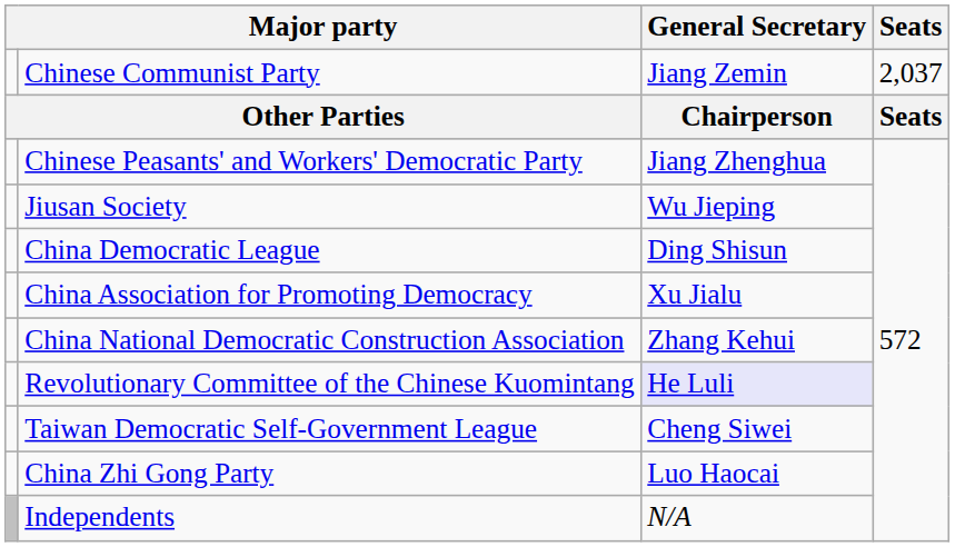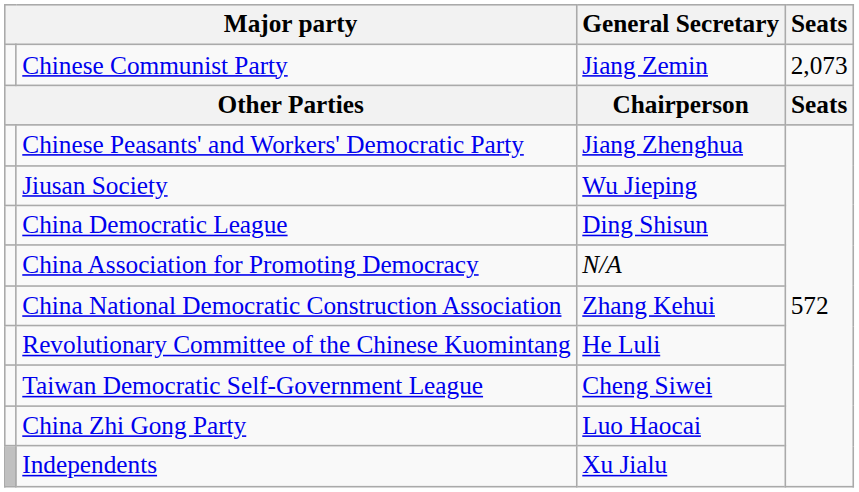 <table class="wikitable">
 <tr>
 <th colspan="2">Major party</th>
 <th>General Secretary</th>
 <th>Seats</th>
 </tr>
 <tr>
 <td style="background: "></td>
 <td><a href='#'>Chinese Communist Party</a></td>
 <td><a href='#'>Jiang Zemin</a></td>
-<td>2,037</td>
+<td>2,073</td>
 </tr>
 <tr>
 <th colspan="2">Other Parties</th>
 <th>Chairperson</th>
 <th>Seats</th>
 </tr>
 <tr>
 <td style="background: "></td>
 <td><a href='#'>Chinese Peasants' and Workers' Democratic Party</a></td>
 <td><a href='#'>Jiang Zhenghua</a></td>
 <td rowspan="9">572</td>
 </tr>
 <tr>
 <td style="background: "></td>
 <td><a href='#'>Jiusan Society</a></td>
 <td><a href='#'>Wu Jieping</a></td>
 </tr>
 <tr>
 <td style="background: "></td>
 <td><a href='#'>China Democratic League</a></td>
 <td><a href='#'>Ding Shisun</a></td>
 </tr>
 <tr>
 <td style="background: "></td>
 <td><a href='#'>China Association for Promoting Democracy</a></td>
-<td><a href='#'>Xu Jialu</a></td>
+<td><em>N/A</em></td>
 </tr>
 <tr>
 <td style="background: "></td>
 <td><a href='#'>China National Democratic Construction Association</a></td>
 <td><a href='#'>Zhang Kehui</a></td>
 </tr>
 <tr>
 <td style="background: "></td>
 <td><a href='#'>Revolutionary Committee of the Chinese Kuomintang</a></td>
-<td style="background: lavender;"><a href='#'>He Luli</a></td>
+<td><a href='#'>He Luli</a></td>
 </tr>
 <tr>
 <td style="background: "></td>
 <td><a href='#'>Taiwan Democratic Self-Government League</a></td>
 <td><a href='#'>Cheng Siwei</a></td>
 </tr>
 <tr>
 <td style="background: "></td>
 <td><a href='#'>China Zhi Gong Party</a></td>
 <td><a href='#'>Luo Haocai</a></td>
 </tr>
 <tr>
 <td style="background: #C0C0C0"></td>
 <td><a href='#'>Independents</a></td>
-<td><em>N/A</em></td>
+<td><a href='#'>Xu Jialu</a></td>
 </tr>
 </table>
